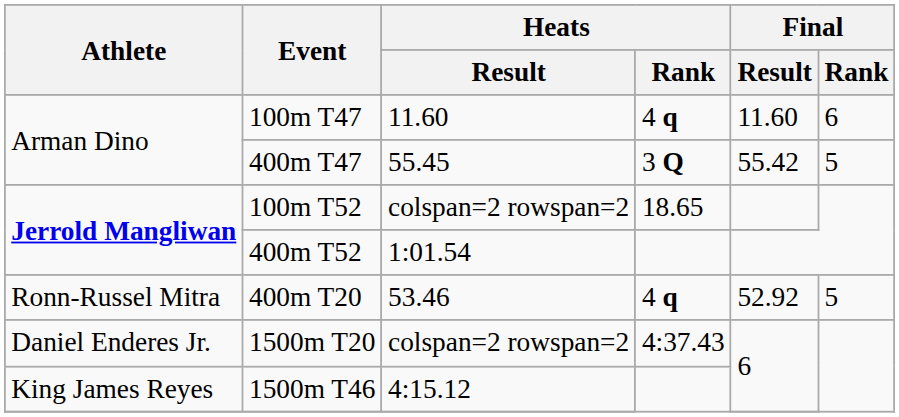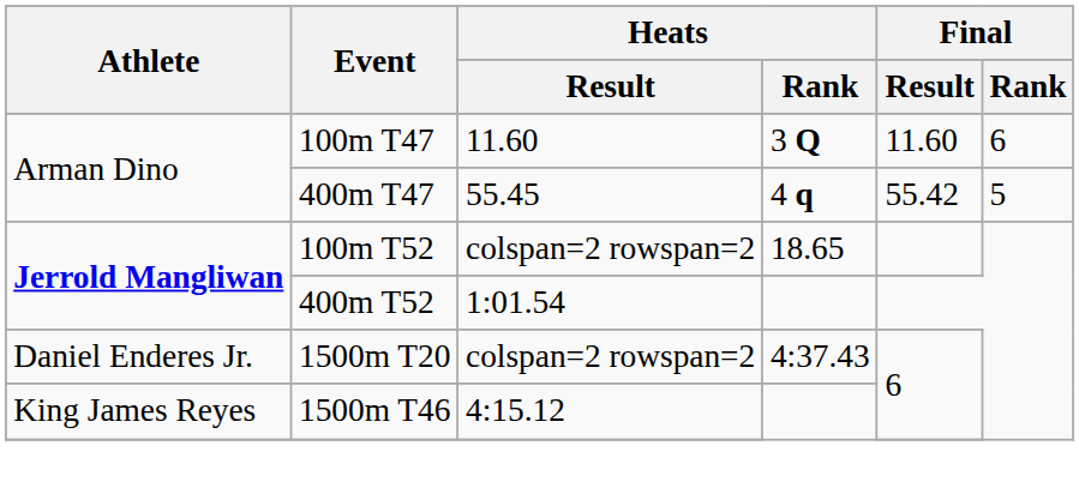 <table class=wikitable style="font-size:95%" style="text-align:center">
 <tr>
 <th rowspan=2>Athlete</th>
 <th rowspan=2>Event</th>
 <th colspan=2>Heats</th>
 <th colspan=2>Final</th>
 </tr>
 <tr>
 <th>Result</th>
 <th>Rank</th>
 <th>Result</th>
 <th>Rank</th>
 </tr>
 <tr>
 <td align=left rowspan=2>Arman Dino</td>
 <td align=left>100m T47</td>
 <td>11.60</td>
-<td>4 <strong>q</strong></td>
+<td>3 <strong>Q</strong></td>
 <td>11.60</td>
 <td>6</td>
 </tr>
 <tr>
 <td align=left>400m T47</td>
 <td>55.45</td>
-<td>3 <strong>Q</strong></td>
+<td>4 <strong>q</strong></td>
 <td>55.42</td>
 <td>5</td>
 </tr>
 <tr>
 <td align=left rowspan=2><strong><a href='#'>Jerrold Mangliwan</a></strong></td>
 <td align=left>100m T52</td>
 <td>colspan=2 rowspan=2 </td>
 <td>18.65 </td>
 <td></td>
 </tr>
 <tr>
 <td align=left>400m T52</td>
 <td>1:01.54 </td>
 <td></td>
 </tr>
 <tr>
-<td align=left>Ronn-Russel Mitra</td>
-<td align=left>400m T20</td>
-<td>53.46</td>
-<td>4 <strong>q</strong></td>
-<td>52.92 </td>
-<td>5</td>
-</tr>
-<tr>
 <td align=left>Daniel Enderes Jr.</td>
 <td align=left>1500m T20</td>
 <td>colspan=2 rowspan=2 </td>
 <td>4:37.43 </td>
 <td rowspan=2>6</td>
 </tr>
 <tr>
 <td align=left>King James Reyes</td>
 <td align=left>1500m T46</td>
 <td>4:15.12 </td>
 </tr>
 <tr>
 </tr>
 </table>
